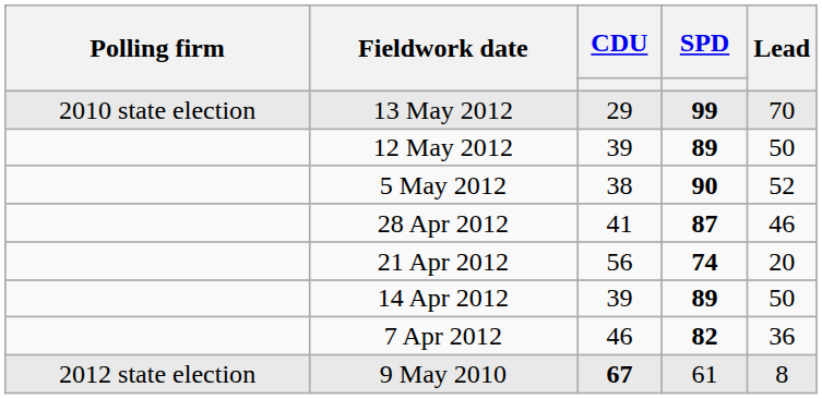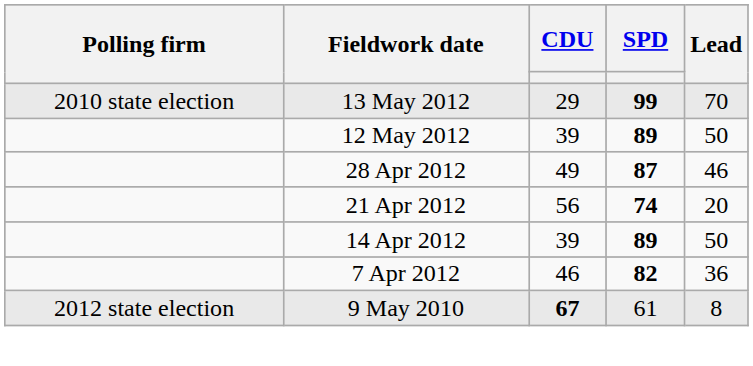 <table class="wikitable sortable" style="text-align:center;font-size:90%;line-height:14px;">
 <tr style="height:40px;">
 <th style="width:160px;" rowspan="2">Polling firm</th>
 <th style="width:140px;" rowspan="2">Fieldwork date</th>
 <th class="unsortable" style="width:40px;"><a href='#'>CDU</a></th>
 <th class="unsortable" style="width:40px;"><a href='#'>SPD</a></th>
 <th style="width:30px;" rowspan="2">Lead</th>
 </tr>
 <tr>
 <th style="background:"></th>
 <th style="background:"></th>
 </tr>
 <tr style="background:#E9E9E9;">
 <td>2010 state election</td>
 <td data-sort-value="2012-05-13">13 May 2012</td>
 <td>29</td>
 <td><strong>99</strong></td>
 <td style="background:">70</td>
 </tr>
 <tr>
 <td></td>
 <td data-sort-value="2012-05-12">12 May 2012</td>
 <td>39</td>
 <td><strong>89</strong></td>
 <td style="background:">50</td>
 </tr>
 <tr>
 <td></td>
-<td data-sort-value="2012-05-05">5 May 2012</td>
-<td>38</td>
-<td><strong>90</strong></td>
-<td style="background:">52</td>
-</tr>
-<tr>
-<td></td>
 <td data-sort-value="2012-04-28">28 Apr 2012</td>
-<td>41</td>
+<td>49</td>
 <td><strong>87</strong></td>
 <td style="background:">46</td>
 </tr>
 <tr>
 <td></td>
 <td data-sort-value="2012-04-21">21 Apr 2012</td>
 <td>56</td>
 <td><strong>74</strong></td>
 <td style="background:">20</td>
 </tr>
 <tr>
 <td></td>
 <td data-sort-value="2012-04-14">14 Apr 2012</td>
 <td>39</td>
 <td><strong>89</strong></td>
 <td style="background:">50</td>
 </tr>
 <tr>
 <td></td>
 <td data-sort-value="2012-04-07">7 Apr 2012</td>
 <td>46</td>
 <td><strong>82</strong></td>
 <td style="background:">36</td>
 </tr>
 <tr style="background:#E9E9E9;">
 <td>2012 state election</td>
 <td data-sort-value="2010-05-09">9 May 2010</td>
 <td><strong>67</strong></td>
 <td>61</td>
 <td style="background:">8</td>
 </tr>
 </table>
